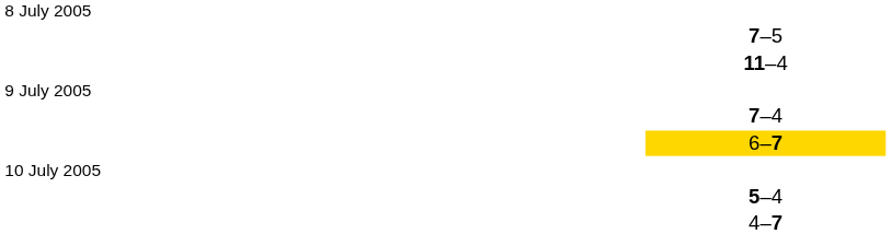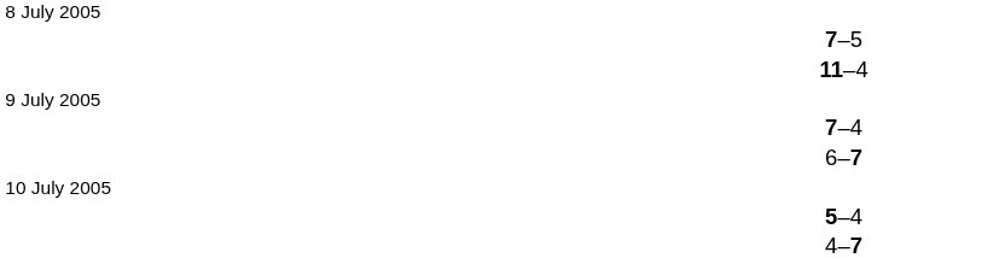 <table width=100% cellspacing=1>
 <tr>
 <th width=40%></th>
 <th width=15%></th>
 <th></th>
 </tr>
 <tr>
 <td><small>8 July 2005</small></td>
 </tr>
 <tr>
 <td align=right><strong></strong></td>
 <td align=center><strong>7</strong>–5</td>
 <td></td>
 </tr>
 <tr>
 <td align=right><strong></strong></td>
 <td align=center><strong>11</strong>–4</td>
 <td></td>
 </tr>
 <tr>
 <td><small>9 July 2005</small></td>
 </tr>
 <tr>
 <td align=right><strong></strong></td>
 <td align=center><strong>7</strong>–4</td>
 <td></td>
 </tr>
 <tr>
 <td align=right></td>
-<td align=center style="background: gold;">6–<strong>7</strong></td>
+<td align=center>6–<strong>7</strong></td>
 <td><strong></strong></td>
 </tr>
 <tr>
 <td><small>10 July 2005</small></td>
 </tr>
 <tr>
 <td align=right><strong></strong></td>
 <td align=center><strong>5</strong>–4</td>
 <td></td>
 </tr>
 <tr>
 <td align=right></td>
 <td align=center>4–<strong>7</strong></td>
 <td><strong></strong></td>
 </tr>
 </table>
